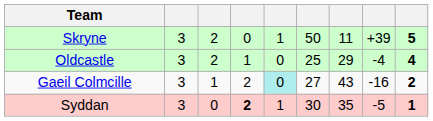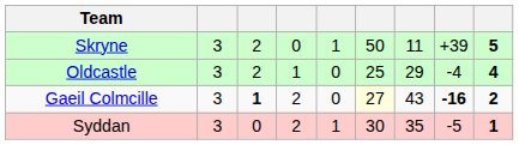 <table class="wikitable" style="text-align:center">
 <tr>
 <th width="175">Team</th>
 <th width="30"></th>
 <th width="30"></th>
 <th width="30"></th>
 <th width="30"></th>
 <th width="30"></th>
 <th width="30"></th>
 <th width="30"></th>
 <th width="30"></th>
 </tr>
 <tr style="background:#cfc;">
 <td><a href='#'>Skryne</a></td>
 <td>3</td>
 <td>2</td>
 <td>0</td>
 <td>1</td>
 <td>50</td>
 <td>11</td>
 <td>+39</td>
 <td><strong>5</strong></td>
 </tr>
 <tr style="background:#cfc;">
 <td><a href='#'>Oldcastle</a></td>
 <td>3</td>
 <td>2</td>
 <td>1</td>
 <td>0</td>
 <td>25</td>
 <td>29</td>
 <td>-4</td>
 <td><strong>4</strong></td>
 </tr>
 <tr>
 <td><a href='#'>Gaeil Colmcille</a></td>
 <td>3</td>
-<td>1</td>
+<td><strong>1</strong></td>
 <td>2</td>
-<td style="background: paleturquoise;">0</td>
-<td>27</td>
+<td>0</td>
+<td style="background: lightyellow;">27</td>
 <td>43</td>
-<td>-16</td>
+<td><strong>-16</strong></td>
 <td><strong>2</strong></td>
 </tr>
 <tr style="background:#fcc;">
 <td>Syddan</td>
 <td>3</td>
 <td>0</td>
-<td><strong>2</strong></td>
+<td>2</td>
 <td>1</td>
 <td>30</td>
 <td>35</td>
 <td>-5</td>
 <td><strong>1</strong></td>
 </tr>
 </table>
